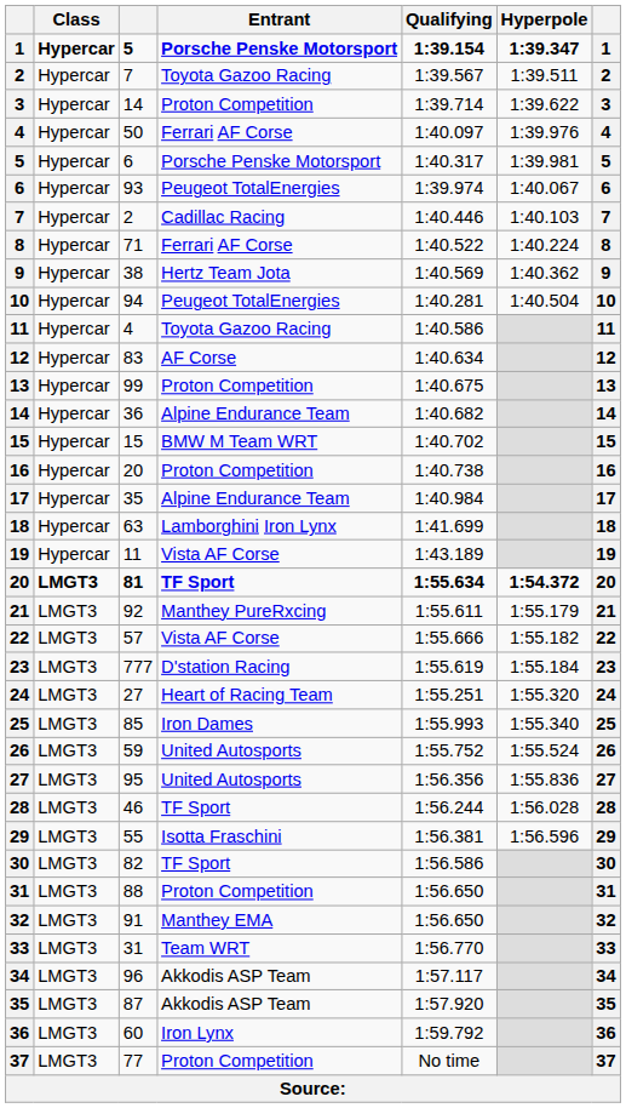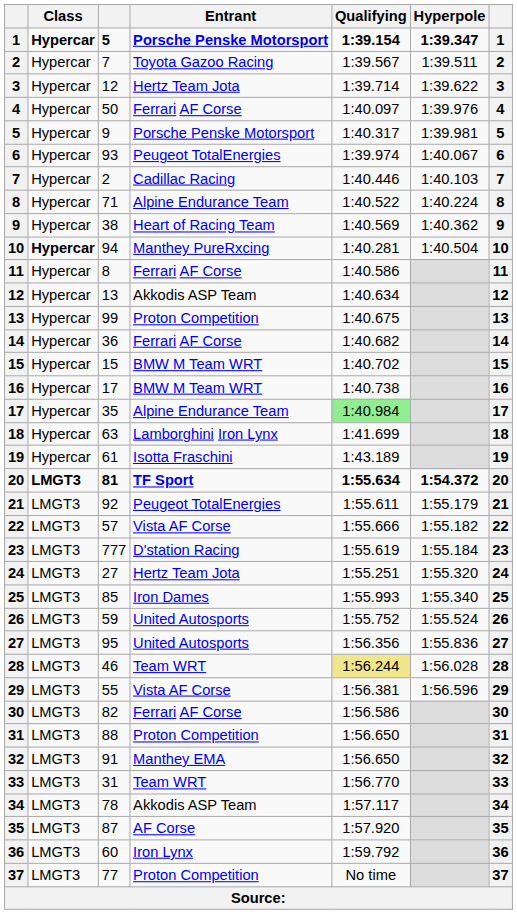 <table class="wikitable" style="font-size:90%;">
 <tr>
 <th></th>
 <th>Class</th>
 <th></th>
 <th>Entrant</th>
 <th>Qualifying</th>
 <th>Hyperpole</th>
 <th></th>
 </tr>
 <tr style="font-weight:bold;">
 <th>1</th>
 <td>Hypercar</td>
 <td>5</td>
 <td> <a href='#'>Porsche Penske Motorsport</a></td>
 <td style="text-align:center;">1:39.154</td>
 <td style="text-align:center;">1:39.347</td>
 <th>1</th>
 </tr>
 <tr>
 <th>2</th>
 <td>Hypercar</td>
 <td>7</td>
 <td> <a href='#'>Toyota Gazoo Racing</a></td>
 <td style="text-align:center;">1:39.567</td>
 <td style="text-align:center;">1:39.511</td>
 <th>2</th>
 </tr>
 <tr>
 <th>3</th>
 <td>Hypercar</td>
-<td>14</td>
-<td> <a href='#'>Proton Competition</a></td>
+<td>12</td>
+<td> <a href='#'>Hertz Team Jota</a></td>
 <td style="text-align:center;">1:39.714</td>
 <td style="text-align:center;">1:39.622</td>
 <th>3</th>
 </tr>
 <tr>
 <th>4</th>
 <td>Hypercar</td>
 <td>50</td>
 <td> <a href='#'>Ferrari</a> <a href='#'>AF Corse</a></td>
 <td style="text-align:center;">1:40.097</td>
 <td style="text-align:center;">1:39.976</td>
 <th>4</th>
 </tr>
 <tr>
 <th>5</th>
 <td>Hypercar</td>
-<td>6</td>
+<td>9</td>
 <td> <a href='#'>Porsche Penske Motorsport</a></td>
 <td style="text-align:center;">1:40.317</td>
 <td style="text-align:center;">1:39.981</td>
 <th>5</th>
 </tr>
 <tr>
 <th>6</th>
 <td>Hypercar</td>
 <td>93</td>
 <td> <a href='#'>Peugeot TotalEnergies</a></td>
 <td style="text-align:center;">1:39.974</td>
 <td style="text-align:center;">1:40.067</td>
 <th>6</th>
 </tr>
 <tr>
 <th>7</th>
 <td>Hypercar</td>
 <td>2</td>
 <td> <a href='#'>Cadillac Racing</a></td>
 <td style="text-align:center;">1:40.446</td>
 <td style="text-align:center;">1:40.103</td>
 <th>7</th>
 </tr>
 <tr>
 <th>8</th>
 <td>Hypercar</td>
 <td>71</td>
-<td> <a href='#'>Ferrari</a> <a href='#'>AF Corse</a></td>
+<td> <a href='#'>Alpine Endurance Team</a></td>
 <td style="text-align:center;">1:40.522</td>
 <td style="text-align:center;">1:40.224</td>
 <th>8</th>
 </tr>
 <tr>
 <th>9</th>
 <td>Hypercar</td>
 <td>38</td>
-<td> <a href='#'>Hertz Team Jota</a></td>
+<td> <a href='#'>Heart of Racing Team</a></td>
 <td style="text-align:center;">1:40.569</td>
 <td style="text-align:center;">1:40.362</td>
 <th>9</th>
 </tr>
 <tr>
 <th>10</th>
-<td>Hypercar</td>
+<td><strong>Hypercar</strong></td>
 <td>94</td>
-<td> <a href='#'>Peugeot TotalEnergies</a></td>
+<td> <a href='#'>Manthey PureRxcing</a></td>
 <td style="text-align:center;">1:40.281</td>
 <td style="text-align:center;">1:40.504</td>
 <th>10</th>
 </tr>
 <tr>
 <th>11</th>
 <td>Hypercar</td>
-<td>4</td>
-<td> <a href='#'>Toyota Gazoo Racing</a></td>
+<td>8</td>
+<td> <a href='#'>Ferrari</a> <a href='#'>AF Corse</a></td>
 <td style="text-align:center;">1:40.586</td>
 <td style="text-align:center; background:#ddd;"></td>
 <th>11</th>
 </tr>
 <tr>
 <th>12</th>
 <td>Hypercar</td>
-<td>83</td>
-<td> <a href='#'>AF Corse</a></td>
+<td>13</td>
+<td> Akkodis ASP Team</td>
 <td style="text-align:center;">1:40.634</td>
 <td style="text-align:center; background:#ddd;"></td>
 <th>12</th>
 </tr>
 <tr>
 <th>13</th>
 <td>Hypercar</td>
 <td>99</td>
 <td> <a href='#'>Proton Competition</a></td>
 <td style="text-align:center;">1:40.675</td>
 <td style="text-align:center; background:#ddd;"></td>
 <th>13</th>
 </tr>
 <tr>
 <th>14</th>
 <td>Hypercar</td>
 <td>36</td>
-<td> <a href='#'>Alpine Endurance Team</a></td>
+<td> <a href='#'>Ferrari</a> <a href='#'>AF Corse</a></td>
 <td style="text-align:center;">1:40.682</td>
 <td style="text-align:center; background:#ddd;"></td>
 <th>14</th>
 </tr>
 <tr>
 <th>15</th>
 <td>Hypercar</td>
 <td>15</td>
 <td> <a href='#'>BMW M Team WRT</a></td>
 <td style="text-align:center;">1:40.702</td>
 <td style="text-align:center; background:#ddd;"></td>
 <th>15</th>
 </tr>
 <tr>
 <th>16</th>
 <td>Hypercar</td>
-<td>20</td>
-<td> <a href='#'>Proton Competition</a></td>
+<td>17</td>
+<td> <a href='#'>BMW M Team WRT</a></td>
 <td style="text-align:center;">1:40.738</td>
 <td style="text-align:center; background:#ddd;"></td>
 <th>16</th>
 </tr>
 <tr>
 <th>17</th>
 <td>Hypercar</td>
 <td>35</td>
 <td> <a href='#'>Alpine Endurance Team</a></td>
-<td style="text-align:center;">1:40.984</td>
+<td style="background: lightgreen; text-align:center;">1:40.984</td>
 <td style="text-align:center; background:#ddd;"></td>
 <th>17</th>
 </tr>
 <tr>
 <th>18</th>
 <td>Hypercar</td>
 <td>63</td>
 <td> <a href='#'>Lamborghini</a> <a href='#'>Iron Lynx</a></td>
 <td style="text-align:center;">1:41.699</td>
 <td style="text-align:center; background:#ddd;"></td>
 <th>18</th>
 </tr>
 <tr>
 <th>19</th>
 <td>Hypercar</td>
-<td>11</td>
-<td> <a href='#'>Vista AF Corse</a></td>
+<td>61</td>
+<td> <a href='#'>Isotta Fraschini</a></td>
 <td style="text-align:center;">1:43.189</td>
 <td style="text-align:center; background:#ddd;"></td>
 <th>19</th>
 </tr>
 <tr style="font-weight:bold;">
 <th>20</th>
 <td>LMGT3</td>
 <td>81</td>
 <td> <a href='#'>TF Sport</a></td>
 <td style="text-align:center;">1:55.634</td>
 <td style="text-align:center;">1:54.372</td>
 <th>20</th>
 </tr>
 <tr>
 <th>21</th>
 <td>LMGT3</td>
 <td>92</td>
-<td> <a href='#'>Manthey PureRxcing</a></td>
+<td> <a href='#'>Peugeot TotalEnergies</a></td>
 <td style="text-align:center;">1:55.611</td>
 <td style="text-align:center;">1:55.179</td>
 <th>21</th>
 </tr>
 <tr>
 <th>22</th>
 <td>LMGT3</td>
 <td>57</td>
 <td> <a href='#'>Vista AF Corse</a></td>
 <td style="text-align:center;">1:55.666</td>
 <td style="text-align:center;">1:55.182</td>
 <th>22</th>
 </tr>
 <tr>
 <th>23</th>
 <td>LMGT3</td>
 <td>777</td>
 <td> <a href='#'>D'station Racing</a></td>
 <td style="text-align:center;">1:55.619</td>
 <td style="text-align:center;">1:55.184</td>
 <th>23</th>
 </tr>
 <tr>
 <th>24</th>
 <td>LMGT3</td>
 <td>27</td>
-<td> <a href='#'>Heart of Racing Team</a></td>
+<td> <a href='#'>Hertz Team Jota</a></td>
 <td style="text-align:center;">1:55.251</td>
 <td style="text-align:center;">1:55.320</td>
 <th>24</th>
 </tr>
 <tr>
 <th>25</th>
 <td>LMGT3</td>
 <td>85</td>
 <td> <a href='#'>Iron Dames</a></td>
 <td style="text-align:center;">1:55.993</td>
 <td style="text-align:center;">1:55.340</td>
 <th>25</th>
 </tr>
 <tr>
 <th>26</th>
 <td>LMGT3</td>
 <td>59</td>
 <td> <a href='#'>United Autosports</a></td>
 <td style="text-align:center;">1:55.752</td>
 <td style="text-align:center;">1:55.524</td>
 <th>26</th>
 </tr>
 <tr>
 <th>27</th>
 <td>LMGT3</td>
 <td>95</td>
 <td> <a href='#'>United Autosports</a></td>
 <td style="text-align:center;">1:56.356</td>
 <td style="text-align:center;">1:55.836</td>
 <th>27</th>
 </tr>
 <tr>
 <th>28</th>
 <td>LMGT3</td>
 <td>46</td>
-<td> <a href='#'>TF Sport</a></td>
-<td style="text-align:center;">1:56.244</td>
+<td> <a href='#'>Team WRT</a></td>
+<td style="background: khaki; text-align:center;">1:56.244</td>
 <td style="text-align:center;">1:56.028</td>
 <th>28</th>
 </tr>
 <tr>
 <th>29</th>
 <td>LMGT3</td>
 <td>55</td>
-<td> <a href='#'>Isotta Fraschini</a></td>
+<td> <a href='#'>Vista AF Corse</a></td>
 <td style="text-align:center;">1:56.381</td>
 <td style="text-align:center;">1:56.596</td>
 <th>29</th>
 </tr>
 <tr>
 <th>30</th>
 <td>LMGT3</td>
 <td>82</td>
-<td> <a href='#'>TF Sport</a></td>
+<td> <a href='#'>Ferrari</a> <a href='#'>AF Corse</a></td>
 <td style="text-align:center;">1:56.586</td>
 <td style="text-align:center; background:#ddd;"></td>
 <th>30</th>
 </tr>
 <tr>
 <th>31</th>
 <td>LMGT3</td>
 <td>88</td>
 <td> <a href='#'>Proton Competition</a></td>
 <td style="text-align:center;">1:56.650</td>
 <td style="text-align:center; background:#ddd;"></td>
 <th>31</th>
 </tr>
 <tr>
 <th>32</th>
 <td>LMGT3</td>
 <td>91</td>
 <td> <a href='#'>Manthey EMA</a></td>
 <td style="text-align:center;">1:56.650</td>
 <td style="text-align:center; background:#ddd;"></td>
 <th>32</th>
 </tr>
 <tr>
 <th>33</th>
 <td>LMGT3</td>
 <td>31</td>
 <td> <a href='#'>Team WRT</a></td>
 <td style="text-align:center;">1:56.770</td>
 <td style="text-align:center; background:#ddd;"></td>
 <th>33</th>
 </tr>
 <tr>
 <th>34</th>
 <td>LMGT3</td>
-<td>96</td>
+<td>78</td>
 <td> Akkodis ASP Team</td>
 <td style="text-align:center;">1:57.117</td>
 <td style="text-align:center; background:#ddd;"></td>
 <th>34</th>
 </tr>
 <tr>
 <th>35</th>
 <td>LMGT3</td>
 <td>87</td>
-<td> Akkodis ASP Team</td>
+<td> <a href='#'>AF Corse</a></td>
 <td style="text-align:center;">1:57.920</td>
 <td style="text-align:center; background:#ddd;"></td>
 <th>35</th>
 </tr>
 <tr>
 <th>36</th>
 <td>LMGT3</td>
 <td>60</td>
 <td> <a href='#'>Iron Lynx</a></td>
 <td style="text-align:center;">1:59.792</td>
 <td style="text-align:center; background:#ddd;"></td>
 <th>36</th>
 </tr>
 <tr>
 <th>37</th>
 <td>LMGT3</td>
 <td>77</td>
 <td> <a href='#'>Proton Competition</a></td>
 <td style="text-align:center;">No time</td>
 <td style="text-align:center; background:#ddd;"></td>
 <th>37</th>
 </tr>
 <tr>
 <th colspan="7">Source:</th>
 </tr>
 </table>
